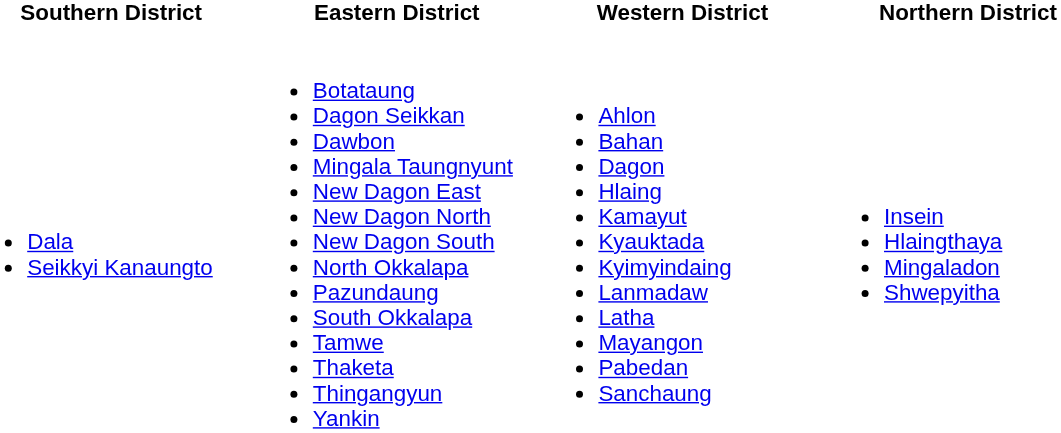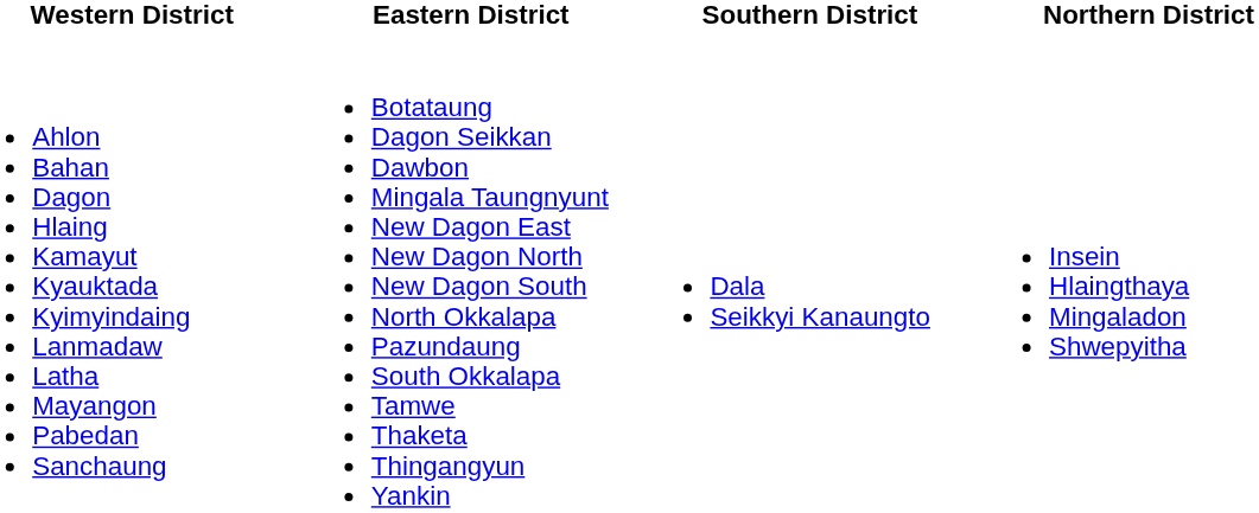 <table>
 <tr>
+<th style="width:200px;">Western District</th>
+<th style="width:200px;">Eastern District</th>
 <th style="width:200px;">Southern District</th>
-<th style="width:200px;">Eastern District</th>
-<th style="width:200px;">Western District</th>
 <th style="width:200px;">Northern District</th>
 </tr>
 <tr>
+<td><br><ul><li><a href='#'>Ahlon</a></li><li><a href='#'>Bahan</a></li><li><a href='#'>Dagon</a></li><li><a href='#'>Hlaing</a></li><li><a href='#'>Kamayut</a></li><li><a href='#'>Kyauktada</a></li><li><a href='#'>Kyimyindaing</a></li><li><a href='#'>Lanmadaw</a></li><li><a href='#'>Latha</a></li><li><a href='#'>Mayangon</a></li><li><a href='#'>Pabedan</a></li><li><a href='#'>Sanchaung</a></li></ul></td>
+<td><br><ul><li><a href='#'>Botataung</a></li><li><a href='#'>Dagon Seikkan</a></li><li><a href='#'>Dawbon</a></li><li><a href='#'>Mingala Taungnyunt</a></li><li><a href='#'>New Dagon East</a></li><li><a href='#'>New Dagon North</a></li><li><a href='#'>New Dagon South</a></li><li><a href='#'>North Okkalapa</a></li><li><a href='#'>Pazundaung</a></li><li><a href='#'>South Okkalapa</a></li><li><a href='#'>Tamwe</a></li><li><a href='#'>Thaketa</a></li><li><a href='#'>Thingangyun</a></li><li><a href='#'>Yankin</a></li></ul></td>
 <td><br><ul><li><a href='#'>Dala</a></li><li><a href='#'>Seikkyi Kanaungto</a></li></ul></td>
-<td><br><ul><li><a href='#'>Botataung</a></li><li><a href='#'>Dagon Seikkan</a></li><li><a href='#'>Dawbon</a></li><li><a href='#'>Mingala Taungnyunt</a></li><li><a href='#'>New Dagon East</a></li><li><a href='#'>New Dagon North</a></li><li><a href='#'>New Dagon South</a></li><li><a href='#'>North Okkalapa</a></li><li><a href='#'>Pazundaung</a></li><li><a href='#'>South Okkalapa</a></li><li><a href='#'>Tamwe</a></li><li><a href='#'>Thaketa</a></li><li><a href='#'>Thingangyun</a></li><li><a href='#'>Yankin</a></li></ul></td>
-<td><br><ul><li><a href='#'>Ahlon</a></li><li><a href='#'>Bahan</a></li><li><a href='#'>Dagon</a></li><li><a href='#'>Hlaing</a></li><li><a href='#'>Kamayut</a></li><li><a href='#'>Kyauktada</a></li><li><a href='#'>Kyimyindaing</a></li><li><a href='#'>Lanmadaw</a></li><li><a href='#'>Latha</a></li><li><a href='#'>Mayangon</a></li><li><a href='#'>Pabedan</a></li><li><a href='#'>Sanchaung</a></li></ul></td>
 <td><br><ul><li><a href='#'>Insein</a></li><li><a href='#'>Hlaingthaya</a></li><li><a href='#'>Mingaladon</a></li><li><a href='#'>Shwepyitha</a></li></ul></td>
 </tr>
 </table>
